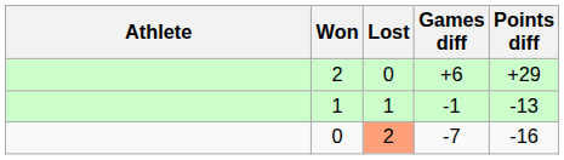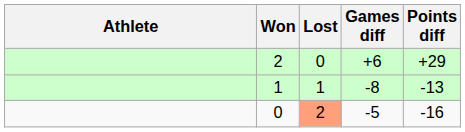 <table class="wikitable">
 <tr>
 <th style="width:15em">Athlete</th>
 <th>Won</th>
 <th>Lost</th>
 <th>Games<br>diff</th>
 <th>Points<br>diff</th>
 </tr>
 <tr bgcolor="#ccffcc">
 <td></td>
 <td align="center">2</td>
 <td align="center">0</td>
 <td align="center">+6</td>
 <td align="center">+29</td>
 </tr>
 <tr bgcolor="#ccffcc">
 <td></td>
 <td align="center">1</td>
 <td align="center">1</td>
-<td align="center">-1</td>
+<td align="center">-8</td>
 <td align="center">-13</td>
 </tr>
 <tr>
 <td></td>
 <td align="center">0</td>
 <td align="center" style="background: lightsalmon;">2</td>
-<td align="center">-7</td>
+<td align="center">-5</td>
 <td align="center">-16</td>
 </tr>
 </table>
